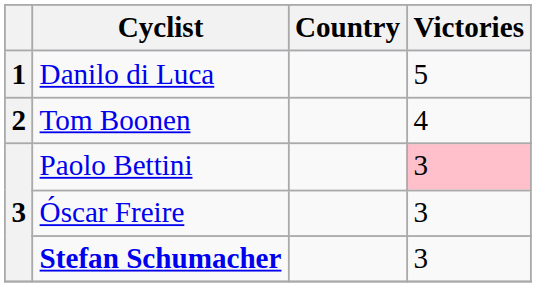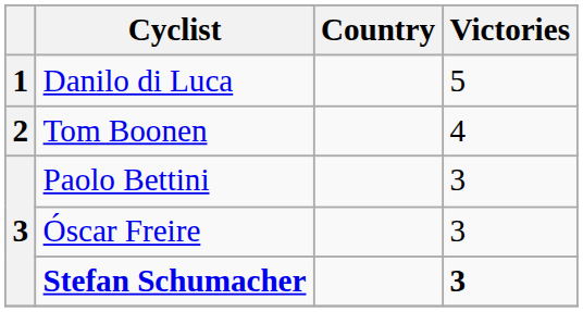 <table class="wikitable">
 <tr style="background:#ccccff;">
 <th></th>
 <th>Cyclist</th>
 <th>Country</th>
 <th>Victories</th>
 </tr>
 <tr>
 <th>1</th>
 <td><a href='#'>Danilo di Luca</a></td>
 <td></td>
 <td>5</td>
 </tr>
 <tr>
 <th>2</th>
 <td><a href='#'>Tom Boonen</a></td>
 <td></td>
 <td>4</td>
 </tr>
 <tr>
 <th rowspan="3">3</th>
 <td><a href='#'>Paolo Bettini</a></td>
 <td></td>
-<td style="background: pink;">3</td>
+<td>3</td>
 </tr>
 <tr>
 <td><a href='#'>Óscar Freire</a></td>
 <td></td>
 <td>3</td>
 </tr>
 <tr>
 <td><strong><a href='#'>Stefan Schumacher</a></strong></td>
 <td></td>
-<td>3</td>
+<td><strong>3</strong></td>
 </tr>
 <tr>
 </tr>
 </table>
